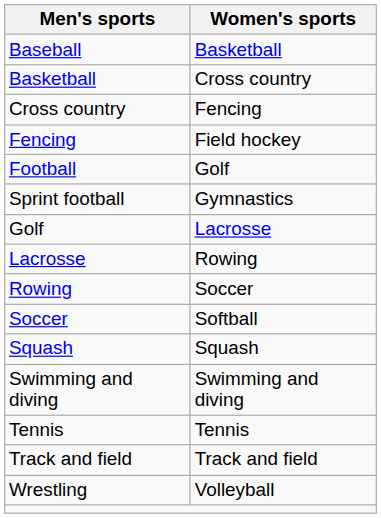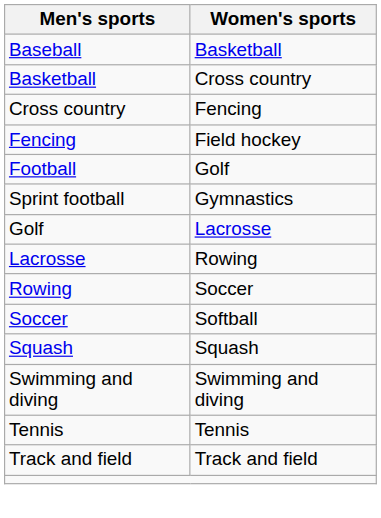 <table class="wikitable"; style= "text-align: ">
 <tr>
 <th width=150px>Men's sports</th>
 <th width=150px>Women's sports</th>
 </tr>
 <tr>
 <td><a href='#'>Baseball</a></td>
 <td><a href='#'>Basketball</a></td>
 </tr>
 <tr>
 <td><a href='#'>Basketball</a></td>
 <td>Cross country</td>
 </tr>
 <tr>
 <td>Cross country</td>
 <td>Fencing</td>
 </tr>
 <tr>
 <td><a href='#'>Fencing</a></td>
 <td>Field hockey</td>
 </tr>
 <tr>
 <td><a href='#'>Football</a></td>
 <td>Golf</td>
 </tr>
 <tr>
 <td>Sprint football</td>
 <td>Gymnastics</td>
 </tr>
 <tr>
 <td>Golf</td>
 <td><a href='#'>Lacrosse</a></td>
 </tr>
 <tr>
 <td><a href='#'>Lacrosse</a></td>
 <td>Rowing</td>
 </tr>
 <tr>
 <td><a href='#'>Rowing</a></td>
 <td>Soccer</td>
 </tr>
 <tr>
 <td><a href='#'>Soccer</a></td>
 <td>Softball</td>
 </tr>
 <tr>
 <td><a href='#'>Squash</a></td>
 <td>Squash</td>
 </tr>
 <tr>
 <td>Swimming and diving</td>
 <td>Swimming and diving</td>
 </tr>
 <tr>
 <td>Tennis</td>
 <td>Tennis</td>
 </tr>
 <tr>
 <td>Track and field</td>
 <td>Track and field</td>
 </tr>
 <tr>
-<td>Wrestling</td>
-<td>Volleyball</td>
-</tr>
-<tr>
 <td colspan=2></td>
 </tr>
 </table>
